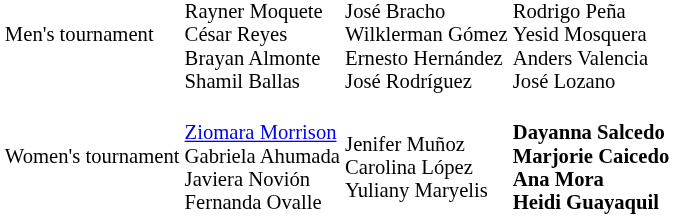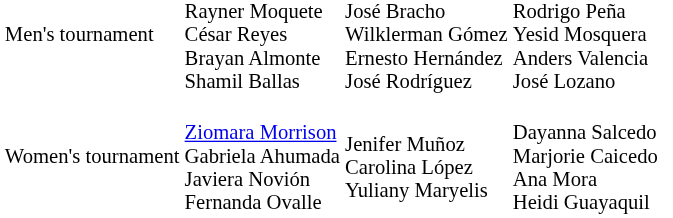 <table>
 <tr>
 <td>Men's tournament</td>
 <td><br>Rayner Moquete<br>César Reyes<br>Brayan Almonte<br>Shamil Ballas</td>
 <td><br>José Bracho<br>Wilklerman Gómez<br>Ernesto Hernández<br>José Rodríguez</td>
 <td><br>Rodrigo Peña<br>Yesid Mosquera<br>Anders Valencia<br>José Lozano</td>
 </tr>
 <tr>
 <td>Women's tournament</td>
 <td><br><a href='#'>Ziomara Morrison</a><br>Gabriela Ahumada<br>Javiera Novión<br>Fernanda Ovalle</td>
 <td><br>Jenifer Muñoz<br>Carolina López<br>Yuliany Maryelis</td>
-<td><strong><br>Dayanna Salcedo<br>Marjorie Caicedo<br>Ana Mora<br>Heidi Guayaquil</strong></td>
+<td><br>Dayanna Salcedo<br>Marjorie Caicedo<br>Ana Mora<br>Heidi Guayaquil</td>
 </tr>
 <tr>
 </tr>
 </table>
